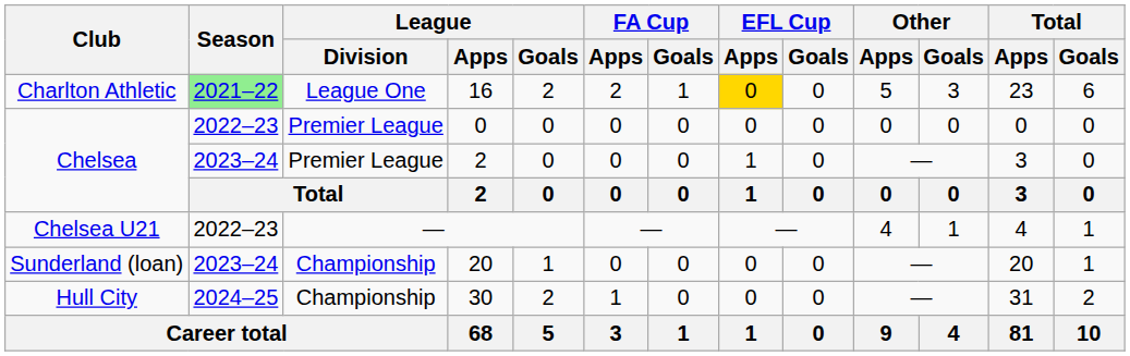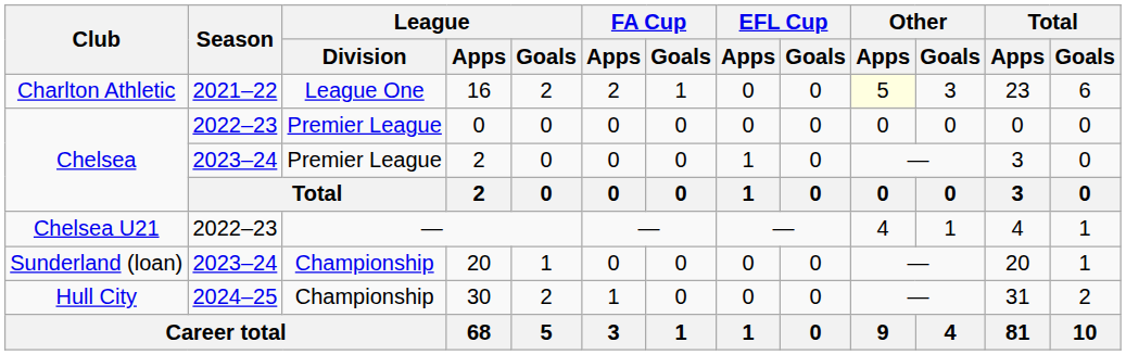 <table class="wikitable" style="text-align: center">
 <tr>
 <th rowspan="2">Club</th>
 <th rowspan="2">Season</th>
 <th colspan="3">League</th>
 <th colspan="2"><a href='#'>FA Cup</a></th>
 <th colspan="2"><a href='#'>EFL Cup</a></th>
 <th colspan="2">Other</th>
 <th colspan="2">Total</th>
 </tr>
 <tr>
 <th>Division</th>
 <th>Apps</th>
 <th>Goals</th>
 <th>Apps</th>
 <th>Goals</th>
 <th>Apps</th>
 <th>Goals</th>
 <th>Apps</th>
 <th>Goals</th>
 <th>Apps</th>
 <th>Goals</th>
 </tr>
 <tr>
 <td><a href='#'>Charlton Athletic</a></td>
-<td style="background: lightgreen;"><a href='#'>2021–22</a></td>
+<td><a href='#'>2021–22</a></td>
 <td><a href='#'>League One</a></td>
 <td>16</td>
 <td>2</td>
 <td>2</td>
 <td>1</td>
-<td style="background: gold;">0</td>
 <td>0</td>
-<td>5</td>
+<td>0</td>
+<td style="background: lightyellow;">5</td>
 <td>3</td>
 <td>23</td>
 <td>6</td>
 </tr>
 <tr>
 <td rowspan="3"><a href='#'>Chelsea</a></td>
 <td><a href='#'>2022–23</a></td>
 <td><a href='#'>Premier League</a></td>
 <td>0</td>
 <td>0</td>
 <td>0</td>
 <td>0</td>
 <td>0</td>
 <td>0</td>
 <td>0</td>
 <td>0</td>
 <td>0</td>
 <td>0</td>
 </tr>
 <tr>
 <td><a href='#'>2023–24</a></td>
 <td>Premier League</td>
 <td>2</td>
 <td>0</td>
 <td>0</td>
 <td>0</td>
 <td>1</td>
 <td>0</td>
 <td colspan="2">—</td>
 <td>3</td>
 <td>0</td>
 </tr>
 <tr>
 <th colspan="2">Total</th>
 <th>2</th>
 <th>0</th>
 <th>0</th>
 <th>0</th>
 <th>1</th>
 <th>0</th>
 <th>0</th>
 <th>0</th>
 <th>3</th>
 <th>0</th>
 </tr>
 <tr>
 <td><a href='#'>Chelsea U21</a></td>
 <td>2022–23</td>
 <td colspan="3">—</td>
 <td colspan="2">—</td>
 <td colspan="2">—</td>
 <td>4</td>
 <td>1</td>
 <td>4</td>
 <td>1</td>
 </tr>
 <tr>
 <td><a href='#'>Sunderland</a> (loan)</td>
 <td><a href='#'>2023–24</a></td>
 <td><a href='#'>Championship</a></td>
 <td>20</td>
 <td>1</td>
 <td>0</td>
 <td>0</td>
 <td>0</td>
 <td>0</td>
 <td colspan="2">—</td>
 <td>20</td>
 <td>1</td>
 </tr>
 <tr>
 <td><a href='#'>Hull City</a></td>
 <td><a href='#'>2024–25</a></td>
 <td>Championship</td>
 <td>30</td>
 <td>2</td>
 <td>1</td>
 <td>0</td>
 <td>0</td>
 <td>0</td>
 <td colspan="2">—</td>
 <td>31</td>
 <td>2</td>
 </tr>
 <tr>
 <th colspan="3">Career total</th>
 <th>68</th>
 <th>5</th>
 <th>3</th>
 <th>1</th>
 <th>1</th>
 <th>0</th>
 <th>9</th>
 <th>4</th>
 <th>81</th>
 <th>10</th>
 </tr>
 </table>
